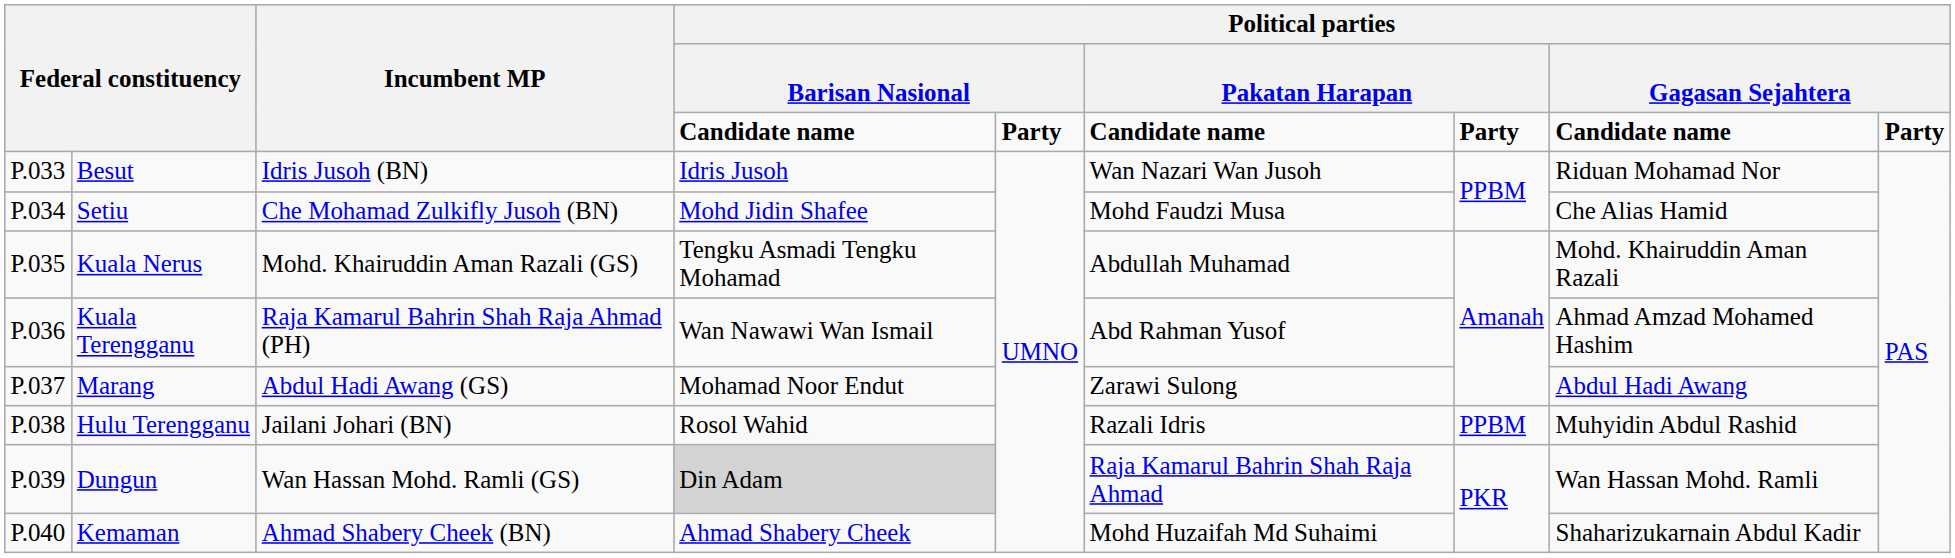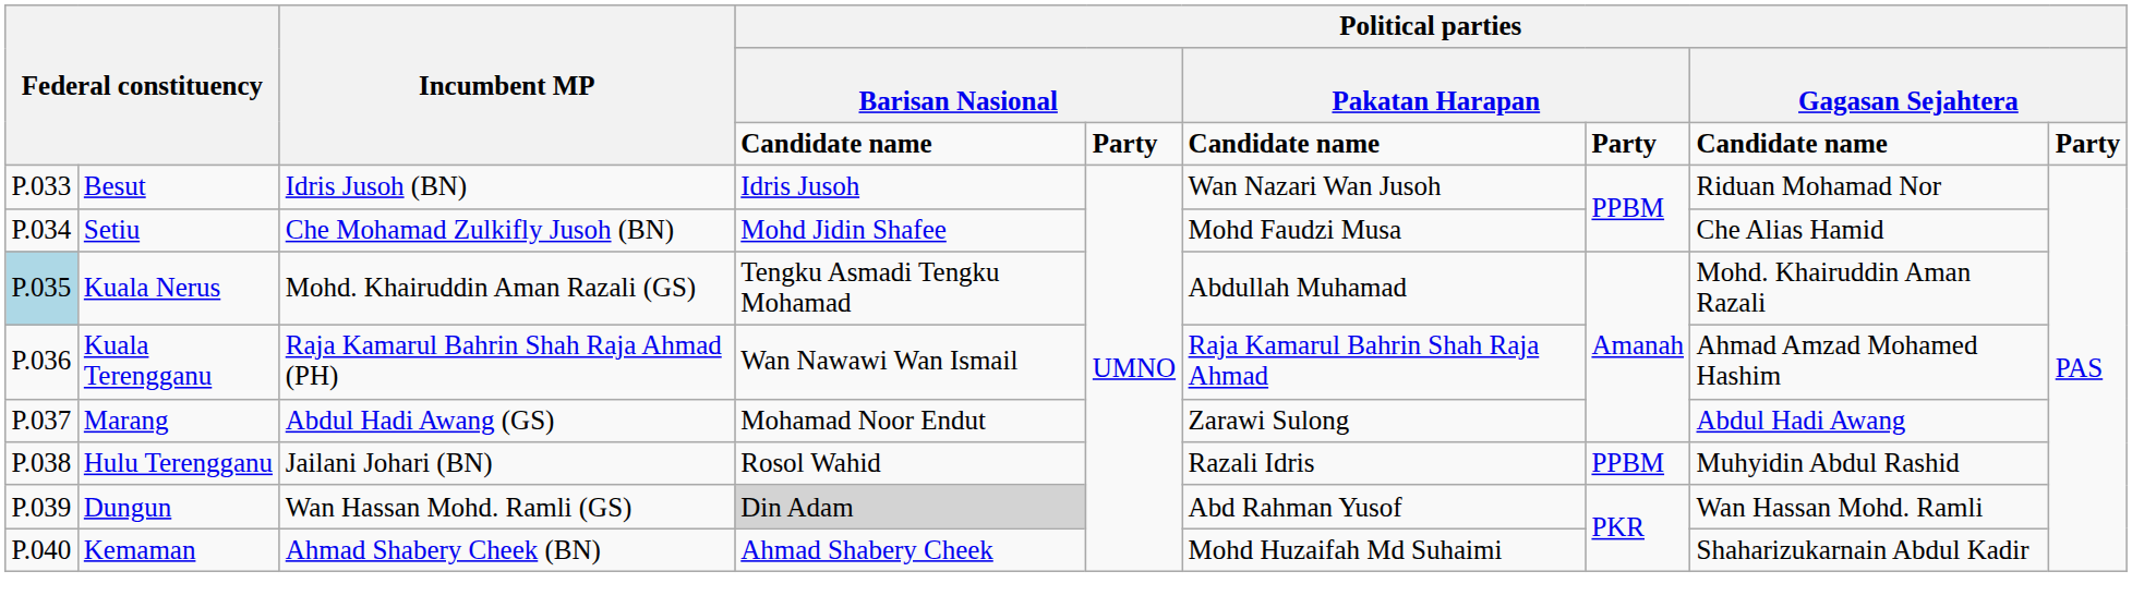 <table class="wikitable mw-collapsible mw-collapsed">
 <tr>
 <th rowspan="3" colspan="2">Federal constituency</th>
 <th rowspan="3">Incumbent MP</th>
 <th colspan="6">Political parties</th>
 </tr>
 <tr>
 <th colspan="2"><br><a href='#'>Barisan Nasional</a></th>
 <th colspan="2"><br><a href='#'>Pakatan Harapan</a></th>
 <th colspan="2"><br><a href='#'>Gagasan Sejahtera</a></th>
 </tr>
 <tr>
 <td><strong>Candidate name</strong></td>
 <td><strong>Party</strong></td>
 <td><strong>Candidate name</strong></td>
 <td><strong>Party</strong></td>
 <td><strong>Candidate name</strong></td>
 <td><strong>Party</strong></td>
 </tr>
 <tr>
 <td>P.033</td>
 <td><a href='#'>Besut</a></td>
 <td><a href='#'>Idris Jusoh</a> (BN)</td>
 <td><a href='#'>Idris Jusoh</a></td>
 <td rowspan="8"><a href='#'>UMNO</a></td>
 <td>Wan Nazari Wan Jusoh</td>
 <td rowspan="2"><a href='#'>PPBM</a></td>
 <td>Riduan Mohamad Nor</td>
 <td rowspan="8"><a href='#'>PAS</a></td>
 </tr>
 <tr>
 <td>P.034</td>
 <td><a href='#'>Setiu</a></td>
 <td><a href='#'>Che Mohamad Zulkifly Jusoh</a> (BN)</td>
 <td><a href='#'>Mohd Jidin Shafee</a></td>
 <td>Mohd Faudzi Musa</td>
 <td>Che Alias Hamid</td>
 </tr>
 <tr>
-<td>P.035</td>
+<td style="background: lightblue;">P.035</td>
 <td><a href='#'>Kuala Nerus</a></td>
 <td>Mohd. Khairuddin Aman Razali (GS)</td>
 <td>Tengku Asmadi Tengku Mohamad</td>
 <td>Abdullah Muhamad</td>
 <td rowspan="3"><a href='#'>Amanah</a></td>
 <td>Mohd. Khairuddin Aman Razali</td>
 </tr>
 <tr>
 <td>P.036</td>
 <td><a href='#'>Kuala Terengganu</a></td>
 <td><a href='#'>Raja Kamarul Bahrin Shah Raja Ahmad</a> (PH)</td>
 <td>Wan Nawawi Wan Ismail</td>
-<td>Abd Rahman Yusof</td>
+<td><a href='#'>Raja Kamarul Bahrin Shah Raja Ahmad</a></td>
 <td>Ahmad Amzad Mohamed Hashim</td>
 </tr>
 <tr>
 <td>P.037</td>
 <td><a href='#'>Marang</a></td>
 <td><a href='#'>Abdul Hadi Awang</a> (GS)</td>
 <td>Mohamad Noor Endut</td>
 <td>Zarawi Sulong</td>
 <td><a href='#'>Abdul Hadi Awang</a></td>
 </tr>
 <tr>
 <td>P.038</td>
 <td><a href='#'>Hulu Terengganu</a></td>
 <td>Jailani Johari (BN)</td>
 <td>Rosol Wahid</td>
 <td>Razali Idris</td>
 <td><a href='#'>PPBM</a></td>
 <td>Muhyidin Abdul Rashid</td>
 </tr>
 <tr>
 <td>P.039</td>
 <td><a href='#'>Dungun</a></td>
 <td>Wan Hassan Mohd. Ramli (GS)</td>
 <td style="background: lightgrey;">Din Adam</td>
-<td><a href='#'>Raja Kamarul Bahrin Shah Raja Ahmad</a></td>
+<td>Abd Rahman Yusof</td>
 <td rowspan="2"><a href='#'>PKR</a></td>
 <td>Wan Hassan Mohd. Ramli</td>
 </tr>
 <tr>
 <td>P.040</td>
 <td><a href='#'>Kemaman</a></td>
 <td><a href='#'>Ahmad Shabery Cheek</a> (BN)</td>
 <td><a href='#'>Ahmad Shabery Cheek</a></td>
 <td>Mohd Huzaifah Md Suhaimi</td>
 <td>Shaharizukarnain Abdul Kadir</td>
 </tr>
 </table>
